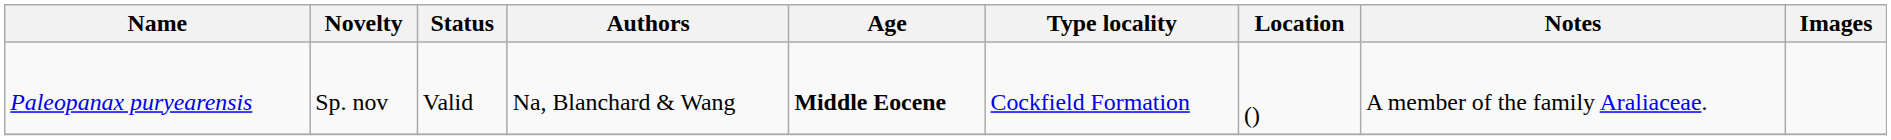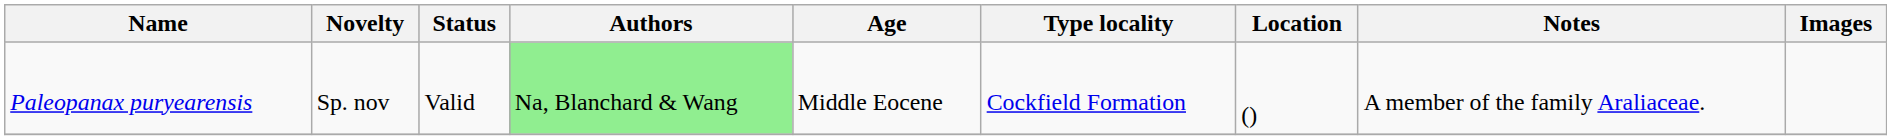 <table class="wikitable sortable" align="center" width="100%">
 <tr>
 <th>Name</th>
 <th>Novelty</th>
 <th>Status</th>
 <th>Authors</th>
 <th>Age</th>
 <th>Type locality</th>
 <th>Location</th>
 <th>Notes</th>
 <th>Images</th>
 </tr>
 <tr>
 <td><br><em><a href='#'>Paleopanax puryearensis</a></em></td>
 <td><br>Sp. nov</td>
 <td><br>Valid</td>
-<td><br>Na, Blanchard & Wang</td>
-<td><strong><br>Middle Eocene</strong></td>
+<td style="background: lightgreen;"><br>Na, Blanchard & Wang</td>
+<td><br>Middle Eocene</td>
 <td><br><a href='#'>Cockfield Formation</a></td>
 <td><br><br>()</td>
 <td><br>A member of the family <a href='#'>Araliaceae</a>.</td>
 <td></td>
 </tr>
 <tr>
 </tr>
 </table>
